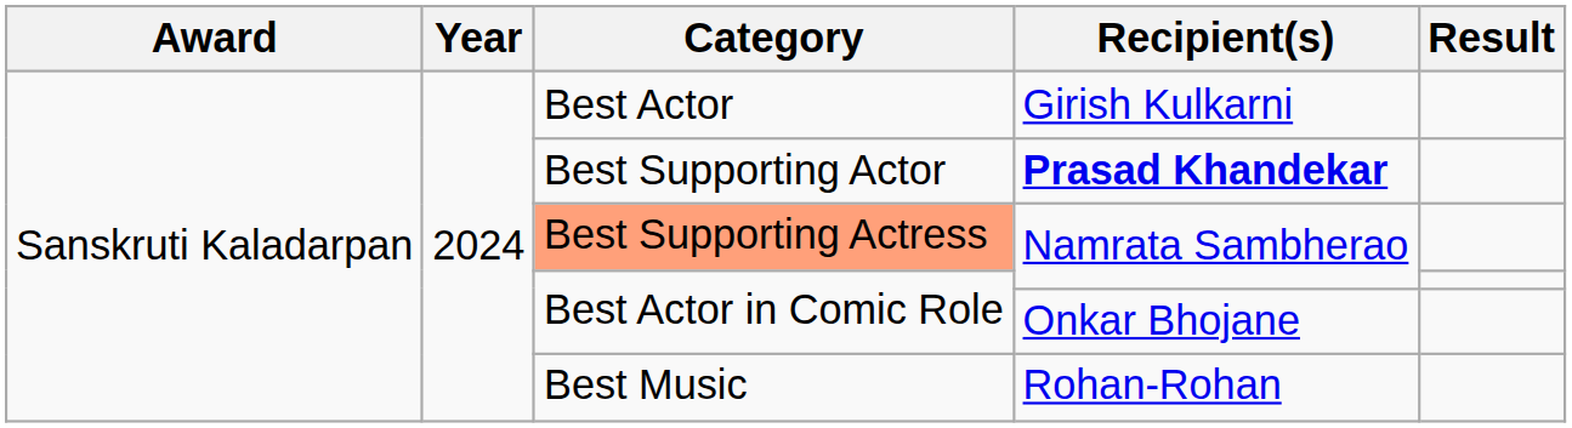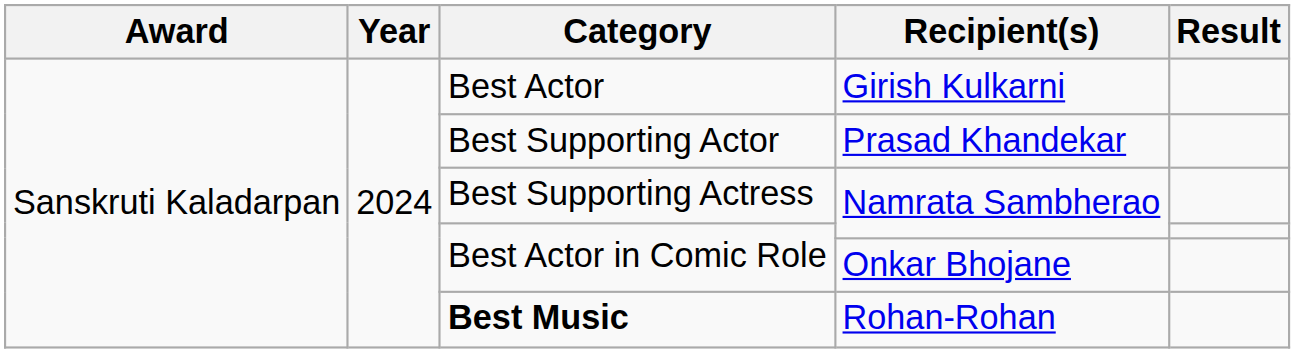 <table class="wikitable">
 <tr>
 <th>Award</th>
 <th>Year</th>
 <th>Category</th>
 <th>Recipient(s)</th>
 <th>Result</th>
 </tr>
 <tr>
 <td rowspan="6">Sanskruti Kaladarpan</td>
 <td rowspan="6">2024</td>
 <td>Best Actor</td>
 <td><a href='#'>Girish Kulkarni</a></td>
 <td></td>
 </tr>
 <tr>
 <td>Best Supporting Actor</td>
-<td><strong><a href='#'>Prasad Khandekar</a></strong></td>
+<td><a href='#'>Prasad Khandekar</a></td>
 <td></td>
 </tr>
 <tr>
-<td style="background: lightsalmon;">Best Supporting Actress</td>
+<td>Best Supporting Actress</td>
 <td rowspan="2"><a href='#'>Namrata Sambherao</a></td>
 <td></td>
 </tr>
 <tr>
 <td rowspan="2">Best Actor in Comic Role</td>
 <td></td>
 </tr>
 <tr>
 <td><a href='#'>Onkar Bhojane</a></td>
 <td></td>
 </tr>
 <tr>
-<td>Best Music</td>
+<td><strong>Best Music</strong></td>
 <td><a href='#'>Rohan-Rohan</a></td>
 <td></td>
 </tr>
 </table>
